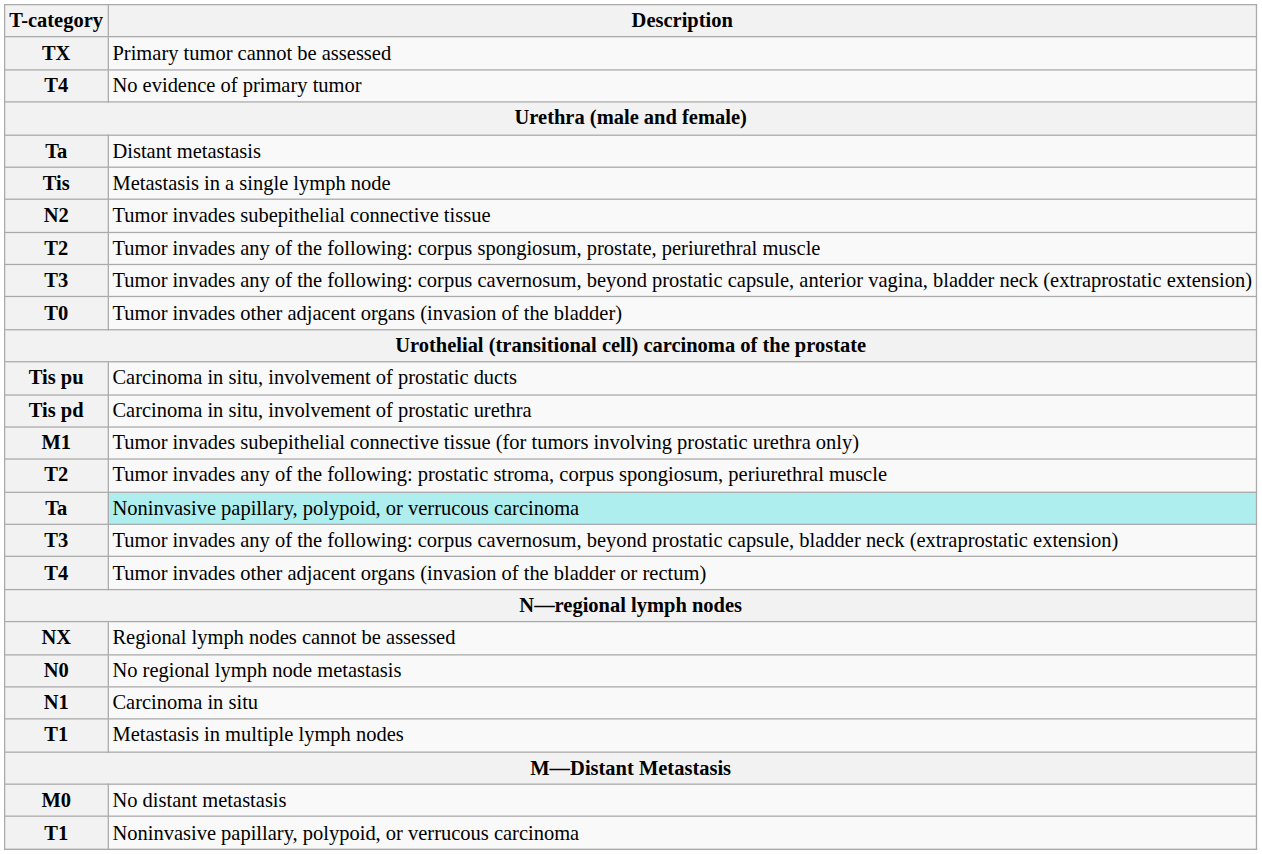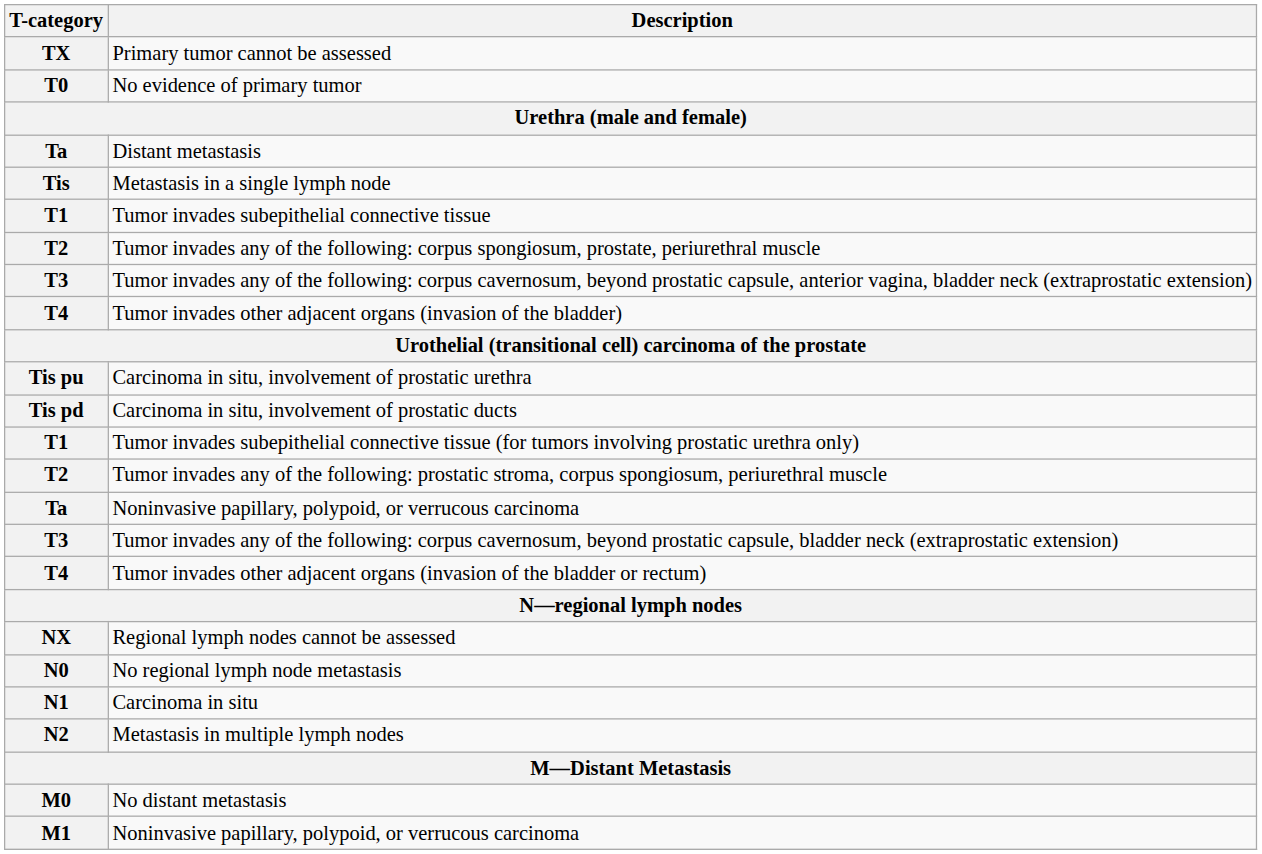 <table class="wikitable">
 <tr>
 <th>T-category</th>
 <th>Description</th>
 </tr>
 <tr>
 <th>TX</th>
 <td colspan=1>Primary tumor cannot be assessed</td>
 </tr>
 <tr>
-<th>T4</th>
+<th>T0</th>
 <td colspan=1>No evidence of primary tumor</td>
 </tr>
 <tr>
 <th colspan=2>Urethra (male and female)</th>
 </tr>
 <tr>
 <th>Ta</th>
 <td colspan=1>Distant metastasis</td>
 </tr>
 <tr>
 <th>Tis</th>
 <td colspan=1>Metastasis in a single lymph node</td>
 </tr>
 <tr>
-<th>N2</th>
+<th>T1</th>
 <td colspan=1>Tumor invades subepithelial connective tissue</td>
 </tr>
 <tr>
 <th>T2</th>
 <td colspan=1>Tumor invades any of the following: corpus spongiosum, prostate, periurethral muscle</td>
 </tr>
 <tr>
 <th>T3</th>
 <td colspan=1>Tumor invades any of the following: corpus cavernosum, beyond prostatic capsule, anterior vagina, bladder neck (extraprostatic extension)</td>
 </tr>
 <tr>
-<th>T0</th>
+<th>T4</th>
 <td colspan=1>Tumor invades other adjacent organs (invasion of the bladder)</td>
 </tr>
 <tr>
 <th colspan=2>Urothelial (transitional cell) carcinoma of the prostate</th>
 </tr>
 <tr>
 <th>Tis pu</th>
+<td colspan=1>Carcinoma in situ, involvement of prostatic urethra</td>
+</tr>
+<tr>
+<th>Tis pd</th>
 <td colspan=1>Carcinoma in situ, involvement of prostatic ducts</td>
 </tr>
 <tr>
-<th>Tis pd</th>
-<td colspan=1>Carcinoma in situ, involvement of prostatic urethra</td>
-</tr>
-<tr>
-<th>M1</th>
+<th>T1</th>
 <td colspan=1>Tumor invades subepithelial connective tissue (for tumors involving prostatic urethra only)</td>
 </tr>
 <tr>
 <th>T2</th>
 <td colspan=1>Tumor invades any of the following: prostatic stroma, corpus spongiosum, periurethral muscle</td>
 </tr>
 <tr>
 <th>Ta</th>
-<td colspan=1 style="background: paleturquoise;">Noninvasive papillary, polypoid, or verrucous carcinoma</td>
+<td colspan=1>Noninvasive papillary, polypoid, or verrucous carcinoma</td>
 </tr>
 <tr>
 <th>T3</th>
 <td colspan=1>Tumor invades any of the following: corpus cavernosum, beyond prostatic capsule, bladder neck (extraprostatic extension)</td>
 </tr>
 <tr>
 <th>T4</th>
 <td colspan=1>Tumor invades other adjacent organs (invasion of the bladder or rectum)</td>
 </tr>
 <tr>
 <th colspan=2>N—regional lymph nodes</th>
 </tr>
 <tr>
 <th>NX</th>
 <td colspan=1>Regional lymph nodes cannot be assessed</td>
 </tr>
 <tr>
 <th>N0</th>
 <td colspan=1>No regional lymph node metastasis</td>
 </tr>
 <tr>
 <th>N1</th>
 <td colspan=1>Carcinoma in situ</td>
 </tr>
 <tr>
-<th>T1</th>
+<th>N2</th>
 <td colspan=1>Metastasis in multiple lymph nodes</td>
 </tr>
 <tr>
 <th colspan=2>M—Distant Metastasis</th>
 </tr>
 <tr>
 <th>M0</th>
 <td colspan=1>No distant metastasis</td>
 </tr>
 <tr>
-<th>T1</th>
+<th>M1</th>
 <td colspan=1>Noninvasive papillary, polypoid, or verrucous carcinoma</td>
 </tr>
 <tr>
 </tr>
 </table>
